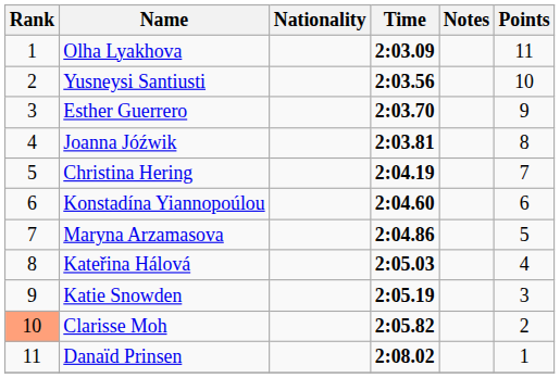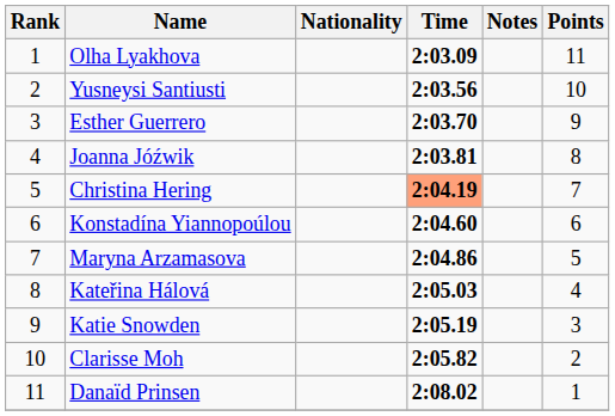 <table class="wikitable sortable" style="text-align:center">
 <tr>
 <th>Rank</th>
 <th>Name</th>
 <th>Nationality</th>
 <th>Time</th>
 <th>Notes</th>
 <th>Points</th>
 </tr>
 <tr>
 <td>1</td>
 <td align=left><a href='#'>Olha Lyakhova</a></td>
 <td align=left></td>
 <td><strong>2:03.09</strong></td>
 <td></td>
 <td>11</td>
 </tr>
 <tr>
 <td>2</td>
 <td align=left><a href='#'>Yusneysi Santiusti</a></td>
 <td align=left></td>
 <td><strong>2:03.56</strong></td>
 <td></td>
 <td>10</td>
 </tr>
 <tr>
 <td>3</td>
 <td align=left><a href='#'>Esther Guerrero</a></td>
 <td align=left></td>
 <td><strong>2:03.70</strong></td>
 <td></td>
 <td>9</td>
 </tr>
 <tr>
 <td>4</td>
 <td align=left><a href='#'>Joanna Jóźwik</a></td>
 <td align=left></td>
 <td><strong>2:03.81</strong></td>
 <td></td>
 <td>8</td>
 </tr>
 <tr>
 <td>5</td>
 <td align=left><a href='#'>Christina Hering</a></td>
 <td align=left></td>
-<td><strong>2:04.19</strong></td>
+<td style="background: lightsalmon;"><strong>2:04.19</strong></td>
 <td></td>
 <td>7</td>
 </tr>
 <tr>
 <td>6</td>
 <td align=left><a href='#'>Konstadína Yiannopoúlou</a></td>
 <td align=left></td>
 <td><strong>2:04.60</strong></td>
 <td></td>
 <td>6</td>
 </tr>
 <tr>
 <td>7</td>
 <td align=left><a href='#'>Maryna Arzamasova</a></td>
 <td align=left></td>
 <td><strong>2:04.86</strong></td>
 <td></td>
 <td>5</td>
 </tr>
 <tr>
 <td>8</td>
 <td align=left><a href='#'>Kateřina Hálová</a></td>
 <td align=left></td>
 <td><strong>2:05.03</strong></td>
 <td></td>
 <td>4</td>
 </tr>
 <tr>
 <td>9</td>
 <td align=left><a href='#'>Katie Snowden</a></td>
 <td align=left></td>
 <td><strong>2:05.19</strong></td>
 <td></td>
 <td>3</td>
 </tr>
 <tr>
-<td style="background: lightsalmon;">10</td>
+<td>10</td>
 <td align=left><a href='#'>Clarisse Moh</a></td>
 <td align=left></td>
 <td><strong>2:05.82</strong></td>
 <td></td>
 <td>2</td>
 </tr>
 <tr>
 <td>11</td>
 <td align=left><a href='#'>Danaïd Prinsen</a></td>
 <td align=left></td>
 <td><strong>2:08.02</strong></td>
 <td></td>
 <td>1</td>
 </tr>
 <tr>
 </tr>
 </table>
